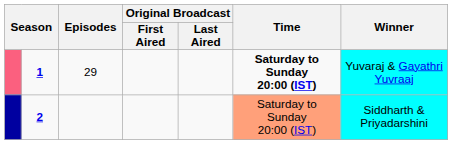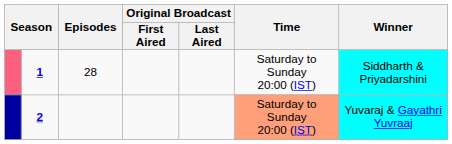 <table class="wikitable" style="text-align:center">
 <tr>
 <th style="padding: 0 8px" colspan="2" rowspan="2">Season</th>
 <th style="padding: 0 8px" rowspan="2">Episodes</th>
 <th colspan="2">Original Broadcast</th>
 <th style="padding:0 50px;" rowspan="2">Time</th>
 <th rowspan="2">Winner</th>
 </tr>
 <tr>
 <th style="padding: 0 8px">First Aired</th>
 <th style="padding: 0 8px">Last Aired</th>
 </tr>
 <tr>
 <td style="background:#FB607F"></td>
 <td align="center"><strong><a href='#'>1</a></strong></td>
-<td>29</td>
+<td>28</td>
 <td align="center"></td>
 <td></td>
-<td><strong>Saturday to Sunday <br> 20:00 (<a href='#'>IST</a>)</strong></td>
-<td style="background:cyan;">Yuvaraj & <a href='#'>Gayathri Yuvraaj</a></td>
+<td>Saturday to Sunday <br> 20:00 (<a href='#'>IST</a>)</td>
+<td style="background:cyan;">Siddharth & Priyadarshini</td>
 </tr>
 <tr>
 <td style="background:#0000A0"></td>
 <td align="center"><strong><a href='#'>2</a></strong></td>
 <td></td>
 <td align="center"></td>
 <td></td>
 <td style="background: lightsalmon;">Saturday to Sunday <br> 20:00 (<a href='#'>IST</a>)</td>
-<td style="background:cyan;">Siddharth & Priyadarshini</td>
+<td style="background:cyan;">Yuvaraj & <a href='#'>Gayathri Yuvraaj</a></td>
 </tr>
 </table>
